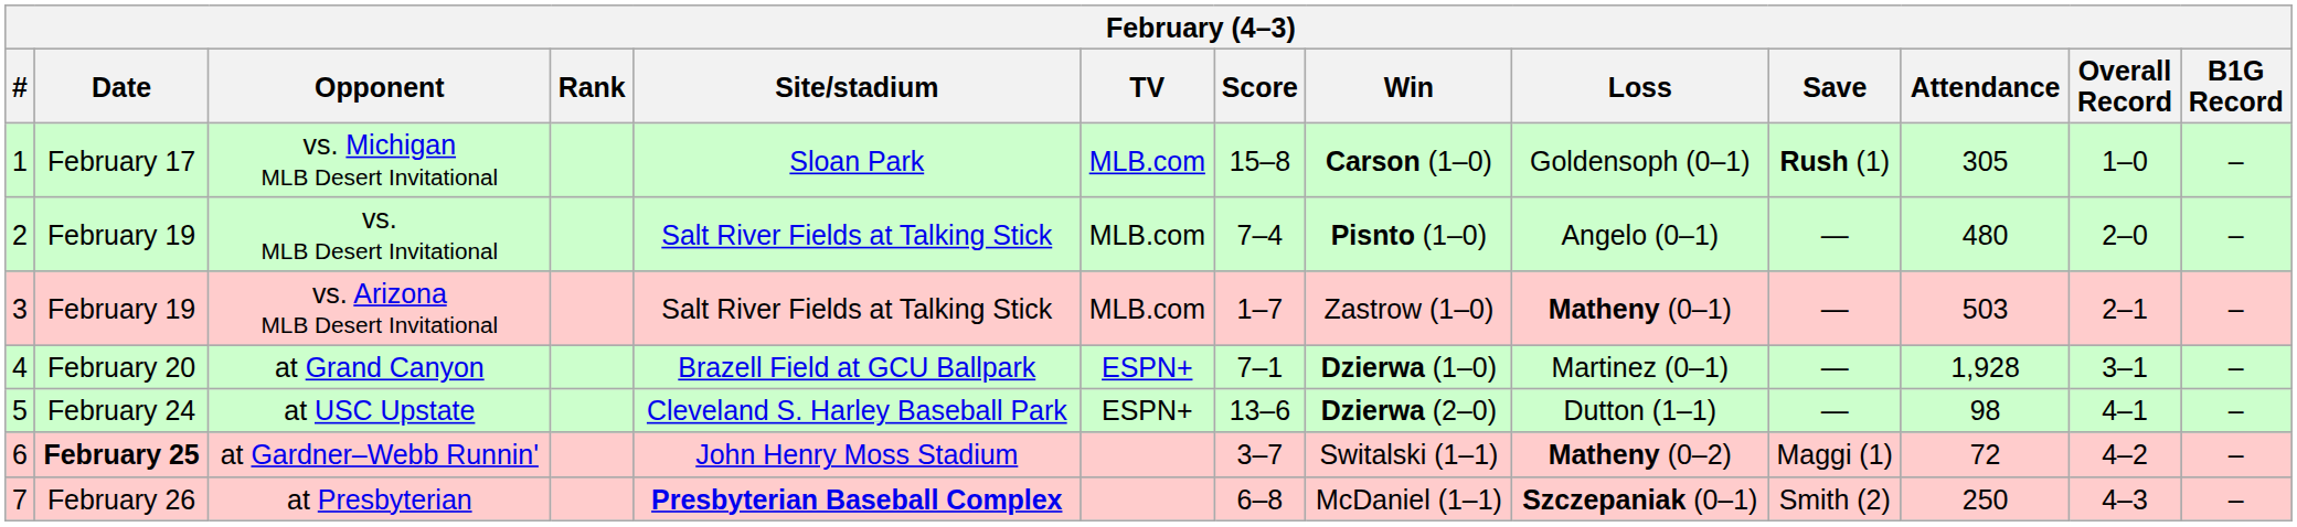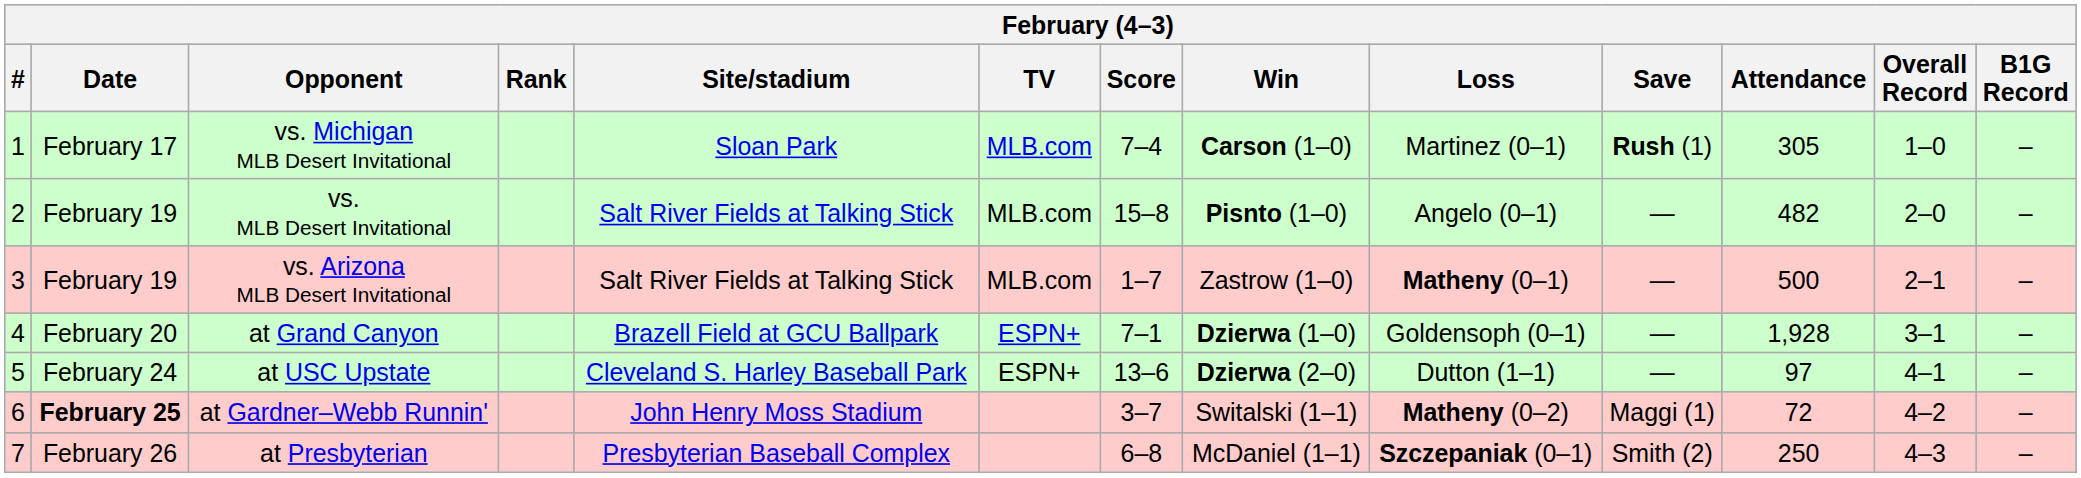 <table class="wikitable collapsible open" style="margin:auto; width:100%; text-align:center; font-size:95%">
 <tr>
 <th colspan=13 style="padding-left:4em;">February (4–3)</th>
 </tr>
 <tr>
 <th>#</th>
 <th>Date</th>
 <th>Opponent</th>
 <th>Rank</th>
 <th>Site/stadium</th>
 <th>TV</th>
 <th>Score</th>
 <th>Win</th>
 <th>Loss</th>
 <th>Save</th>
 <th>Attendance</th>
 <th>Overall<br>Record</th>
 <th>B1G<br>Record</th>
 </tr>
 <tr align="center" bgcolor="#ccffcc">
 <td>1</td>
 <td>February 17</td>
 <td>vs. <a href='#'>Michigan</a><br><small>MLB Desert Invitational</small></td>
 <td></td>
 <td><a href='#'>Sloan Park</a></td>
 <td><a href='#'>MLB.com</a></td>
-<td>15–8</td>
+<td>7–4</td>
 <td><strong>Carson</strong> (1–0)</td>
-<td>Goldensoph (0–1)</td>
+<td>Martinez (0–1)</td>
 <td><strong>Rush</strong> (1)</td>
 <td>305</td>
 <td>1–0</td>
 <td>–</td>
 </tr>
 <tr align="center" bgcolor="#ccffcc">
 <td>2</td>
 <td>February 19</td>
 <td>vs. <br><small>MLB Desert Invitational</small></td>
 <td></td>
 <td><a href='#'>Salt River Fields at Talking Stick</a></td>
 <td>MLB.com</td>
-<td>7–4</td>
+<td>15–8</td>
 <td><strong>Pisnto</strong> (1–0)</td>
 <td>Angelo (0–1)</td>
 <td>—</td>
-<td>480</td>
+<td>482</td>
 <td>2–0</td>
 <td>–</td>
 </tr>
 <tr align="center" bgcolor="#ffcccc">
 <td>3</td>
 <td>February 19</td>
 <td>vs. <a href='#'>Arizona</a><br><small>MLB Desert Invitational</small></td>
 <td></td>
 <td>Salt River Fields at Talking Stick</td>
 <td>MLB.com</td>
 <td>1–7</td>
 <td>Zastrow (1–0)</td>
 <td><strong>Matheny</strong> (0–1)</td>
 <td>—</td>
-<td>503</td>
+<td>500</td>
 <td>2–1</td>
 <td>–</td>
 </tr>
 <tr align="center" bgcolor="#ccffcc">
 <td>4</td>
 <td>February 20</td>
 <td>at <a href='#'>Grand Canyon</a></td>
 <td></td>
 <td><a href='#'>Brazell Field at GCU Ballpark</a></td>
 <td><a href='#'>ESPN+</a></td>
 <td>7–1</td>
 <td><strong>Dzierwa</strong> (1–0)</td>
-<td>Martinez (0–1)</td>
+<td>Goldensoph (0–1)</td>
 <td>—</td>
 <td>1,928</td>
 <td>3–1</td>
 <td>–</td>
 </tr>
 <tr align="center" bgcolor="#ccffcc">
 <td>5</td>
 <td>February 24</td>
 <td>at <a href='#'>USC Upstate</a></td>
 <td></td>
 <td><a href='#'>Cleveland S. Harley Baseball Park</a></td>
 <td>ESPN+</td>
 <td>13–6</td>
 <td><strong>Dzierwa</strong> (2–0)</td>
 <td>Dutton (1–1)</td>
 <td>—</td>
-<td>98</td>
+<td>97</td>
 <td>4–1</td>
 <td>–</td>
 </tr>
 <tr align="center" bgcolor="#ffcccc">
 <td>6</td>
 <td><strong>February 25</strong></td>
 <td>at <a href='#'>Gardner–Webb Runnin'</a></td>
 <td></td>
 <td><a href='#'>John Henry Moss Stadium</a></td>
 <td></td>
 <td>3–7</td>
 <td>Switalski (1–1)</td>
 <td><strong>Matheny</strong> (0–2)</td>
 <td>Maggi (1)</td>
 <td>72</td>
 <td>4–2</td>
 <td>–</td>
 </tr>
 <tr align="center" bgcolor="#ffcccc">
 <td>7</td>
 <td>February 26</td>
 <td>at <a href='#'>Presbyterian</a></td>
 <td></td>
-<td><strong><a href='#'>Presbyterian Baseball Complex</a></strong></td>
+<td><a href='#'>Presbyterian Baseball Complex</a></td>
 <td></td>
 <td>6–8</td>
 <td>McDaniel (1–1)</td>
 <td><strong>Szczepaniak</strong> (0–1)</td>
 <td>Smith (2)</td>
 <td>250</td>
 <td>4–3</td>
 <td>–</td>
 </tr>
 </table>
